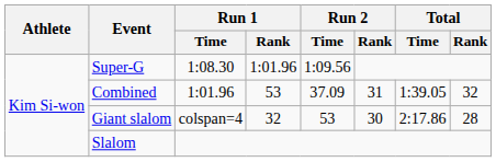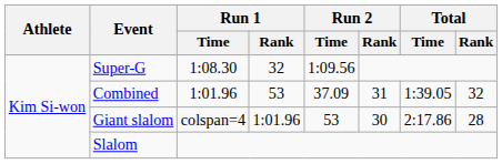 <table class="wikitable" style="font-size:90%">
 <tr>
 <th rowspan=2>Athlete</th>
 <th rowspan=2>Event</th>
 <th colspan=2>Run 1</th>
 <th colspan=2>Run 2</th>
 <th colspan=2>Total</th>
 </tr>
 <tr style="font-size:95%">
 <th>Time</th>
 <th>Rank</th>
 <th>Time</th>
 <th>Rank</th>
 <th>Time</th>
 <th>Rank</th>
 </tr>
 <tr align=center>
 <td align="left" rowspan="4"><a href='#'>Kim Si-won</a></td>
 <td align="left"><a href='#'>Super-G</a></td>
 <td>1:08.30</td>
-<td>1:01.96</td>
+<td>32</td>
 <td>1:09.56</td>
 </tr>
 <tr align=center>
 <td align="left"><a href='#'>Combined</a></td>
 <td>1:01.96</td>
 <td>53</td>
 <td>37.09</td>
 <td>31</td>
 <td>1:39.05</td>
 <td>32</td>
 </tr>
 <tr align=center>
 <td align="left"><a href='#'>Giant slalom</a></td>
 <td>colspan=4</td>
-<td>32</td>
+<td>1:01.96</td>
 <td>53</td>
 <td>30</td>
 <td>2:17.86</td>
 <td>28</td>
 </tr>
 <tr align=center>
 <td align="left"><a href='#'>Slalom</a></td>
 <td colspan=6></td>
 </tr>
 </table>
